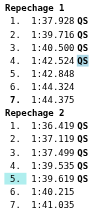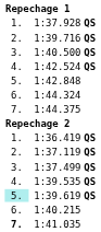 <table style="text-align:center">
 <tr>
 <td colspan=4 align=left><strong>Repechage 1</strong></td>
 </tr>
 <tr>
 <td width=30>1.</td>
 <td align=left></td>
 <td width=60>1:37.928</td>
 <td><strong>QS</strong></td>
 </tr>
 <tr>
 <td>2.</td>
 <td align=left></td>
 <td>1:39.716</td>
 <td><strong>QS</strong></td>
 </tr>
 <tr>
 <td>3.</td>
 <td align=left></td>
 <td>1:40.500</td>
 <td><strong>QS</strong></td>
 </tr>
 <tr>
 <td>4.</td>
 <td align=left></td>
 <td>1:42.524</td>
-<td style="background: lightblue;"><strong>QS</strong></td>
+<td><strong>QS</strong></td>
 </tr>
 <tr>
 <td>5.</td>
 <td align=left></td>
 <td>1:42.848</td>
 <td></td>
 </tr>
 <tr>
 <td>6.</td>
 <td align=left></td>
 <td>1:44.324</td>
 <td></td>
 </tr>
 <tr>
-<td><strong>7.</strong></td>
+<td>7.</td>
 <td align=left></td>
 <td>1:44.375</td>
 <td></td>
 </tr>
 <tr>
 <td colspan=4 align=left><strong>Repechage 2</strong></td>
 </tr>
 <tr>
 <td>1.</td>
 <td align=left></td>
 <td>1:36.419</td>
 <td><strong>QS</strong></td>
 </tr>
 <tr>
 <td>2.</td>
 <td align=left></td>
 <td>1:37.119</td>
 <td><strong>QS</strong></td>
 </tr>
 <tr>
 <td>3.</td>
 <td align=left></td>
 <td>1:37.499</td>
 <td><strong>QS</strong></td>
 </tr>
 <tr>
 <td>4.</td>
 <td align=left></td>
 <td>1:39.535</td>
 <td><strong>QS</strong></td>
 </tr>
 <tr>
 <td style="background: paleturquoise;">5.</td>
 <td align=left></td>
 <td>1:39.619</td>
 <td><strong>QS</strong></td>
 </tr>
 <tr>
 <td>6.</td>
 <td align=left></td>
 <td>1:40.215</td>
 <td></td>
 </tr>
 <tr>
-<td>7.</td>
+<td><strong>7.</strong></td>
 <td align=left></td>
 <td>1:41.035</td>
 <td></td>
 </tr>
 </table>
